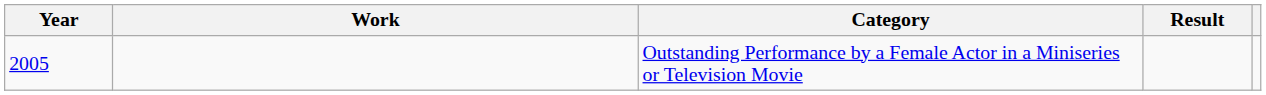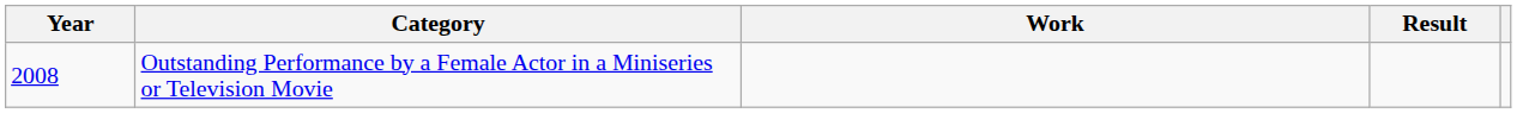 <table class=wikitable>
 <tr>
 <th scope="col" style="width:5em;">Year</th>
+<th scope="col" style="width:25em;">Category</th>
 <th scope="col" style="width:26em;">Work</th>
-<th scope="col" style="width:25em;">Category</th>
 <th scope="col" style="width:5em;">Result</th>
 <th></th>
 </tr>
 <tr>
-<td><a href='#'>2005</a></td>
+<td><a href='#'>2008</a></td>
+<td><a href='#'>Outstanding Performance by a Female Actor in a Miniseries or Television Movie</a></td>
 <td></td>
-<td><a href='#'>Outstanding Performance by a Female Actor in a Miniseries or Television Movie</a></td>
 <td></td>
 <td style="text-align:center;"></td>
 </tr>
 </table>
